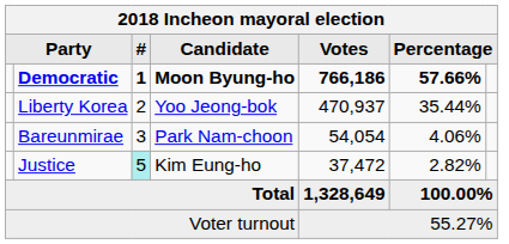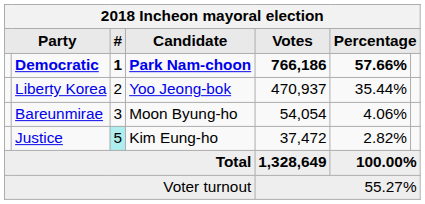 <table class="wikitable">
 <tr>
 <th colspan="7">2018 Incheon mayoral election</th>
 </tr>
 <tr>
 <th style="background-color:#E9E9E9" colspan=2>Party</th>
 <th style="background-color:#E9E9E9">#</th>
 <th style="background-color:#E9E9E9">Candidate</th>
 <th style="background-color:#E9E9E9">Votes</th>
 <th style="background-color:#E9E9E9" colspan=2>Percentage</th>
 </tr>
 <tr style="font-weight:bold">
 <td></td>
 <td align=left><a href='#'>Democratic</a></td>
 <td align=center>1</td>
-<td align=left>Moon Byung-ho</td>
+<td align=left><a href='#'>Park Nam-choon</a></td>
 <td align=right>766,186</td>
 <td align=right>57.66%</td>
 <td align=right></td>
 </tr>
 <tr>
 <td></td>
 <td align=left><a href='#'>Liberty Korea</a></td>
 <td align=center>2</td>
 <td align=left><a href='#'>Yoo Jeong-bok</a></td>
 <td align=right>470,937</td>
 <td align=right>35.44%</td>
 <td align=right></td>
 </tr>
 <tr>
 <td></td>
 <td align=left><a href='#'>Bareunmirae</a></td>
 <td align=center>3</td>
-<td align=left><a href='#'>Park Nam-choon</a></td>
+<td align=left>Moon Byung-ho</td>
 <td align=right>54,054</td>
 <td align=right>4.06%</td>
 <td align=right></td>
 </tr>
 <tr>
 <td></td>
 <td align=left><a href='#'>Justice</a></td>
 <td align=center style="background: paleturquoise;">5</td>
 <td align=left>Kim Eung-ho</td>
 <td align=right>37,472</td>
 <td align=right>2.82%</td>
 <td align=right></td>
 </tr>
 <tr bgcolor="#EEEEEE" style="font-weight:bold">
 <td colspan="4" align=right>Total</td>
 <td align=right>1,328,649</td>
 <td align=right colspan=2>100.00%</td>
 </tr>
 <tr bgcolor="#EEEEEE">
 <td colspan="4" align="right">Voter turnout</td>
 <td colspan="3" align="right">55.27%</td>
 </tr>
 </table>
